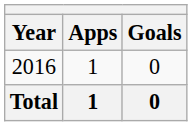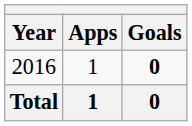 <table class="wikitable" style="text-align:center">
 <tr>
 <th colspan=3></th>
 </tr>
 <tr>
 <th>Year</th>
 <th>Apps</th>
 <th>Goals</th>
 </tr>
 <tr>
 <td>2016</td>
 <td>1</td>
-<td>0</td>
+<td><strong>0</strong></td>
 </tr>
 <tr>
 <th>Total</th>
 <th>1</th>
 <th>0</th>
 </tr>
 </table>
